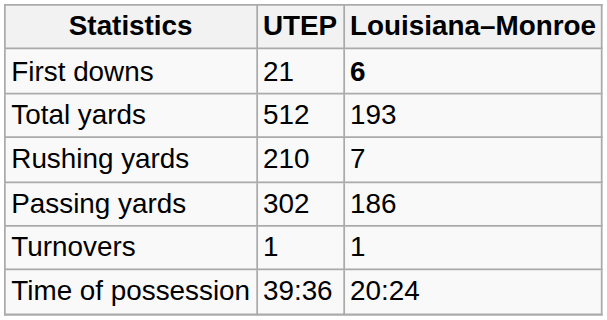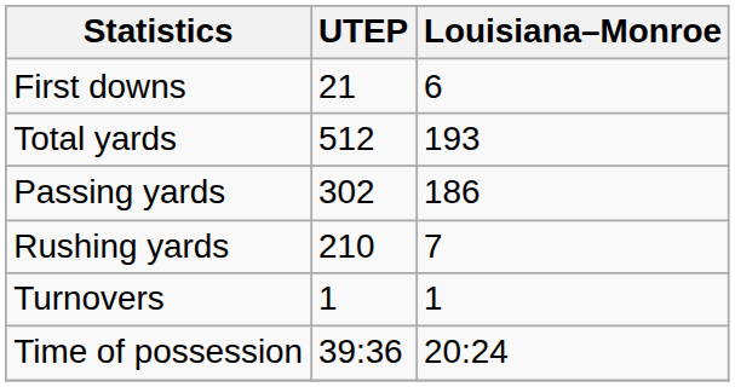 <table class="wikitable">
 <tr>
 <th>Statistics</th>
 <th>UTEP</th>
 <th>Louisiana–Monroe</th>
 </tr>
 <tr>
 <td>First downs</td>
 <td>21</td>
-<td><strong>6</strong></td>
+<td>6</td>
 </tr>
 <tr>
 <td>Total yards</td>
 <td>512</td>
 <td>193</td>
 </tr>
 <tr>
+<td>Passing yards</td>
+<td>302</td>
+<td>186</td>
+</tr>
+<tr>
 <td>Rushing yards</td>
 <td>210</td>
 <td>7</td>
-</tr>
-<tr>
-<td>Passing yards</td>
-<td>302</td>
-<td>186</td>
 </tr>
 <tr>
 <td>Turnovers</td>
 <td>1</td>
 <td>1</td>
 </tr>
 <tr>
 <td>Time of possession</td>
 <td>39:36</td>
 <td>20:24</td>
 </tr>
 <tr>
 </tr>
 </table>
